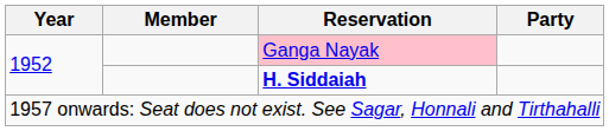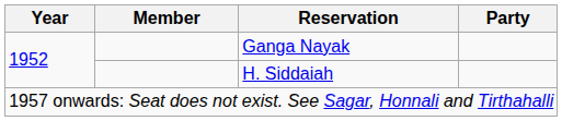 <table class="wikitable">
 <tr>
 <th>Year</th>
 <th>Member</th>
 <th>Reservation</th>
 <th colspan="2">Party</th>
 </tr>
 <tr>
 <td rowspan="2"><a href='#'>1952</a></td>
 <td align="center"></td>
-<td style="background: pink;"><a href='#'>Ganga Nayak</a></td>
+<td><a href='#'>Ganga Nayak</a></td>
 <td></td>
 </tr>
 <tr>
 <td align="center"></td>
-<td><strong><a href='#'>H. Siddaiah</a></strong></td>
+<td><a href='#'>H. Siddaiah</a></td>
 </tr>
 <tr>
 <td colspan="6" align="center">1957 onwards: <em>Seat does not exist. See <a href='#'>Sagar</a>, <a href='#'>Honnali</a> and <a href='#'>Tirthahalli</a></em></td>
 </tr>
 <tr>
 </tr>
 </table>
